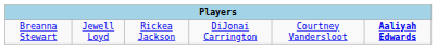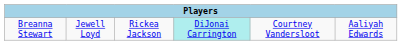 <table class="wikitable" style="width:100%; text-align:center; font-size:100%">
 <tr>
 <th style="background:#a3d3e7" colspan="6" align="center">Players</th>
 </tr>
 <tr>
 <td><a href='#'>Breanna Stewart</a></td>
 <td><a href='#'>Jewell Loyd</a></td>
 <td><a href='#'>Rickea Jackson</a></td>
-<td><a href='#'>DiJonai Carrington</a></td>
+<td style="background: paleturquoise;"><a href='#'>DiJonai Carrington</a></td>
 <td><a href='#'>Courtney Vandersloot</a></td>
-<td><strong><a href='#'>Aaliyah Edwards</a></strong></td>
+<td><a href='#'>Aaliyah Edwards</a></td>
 </tr>
 </table>
